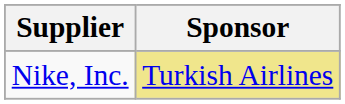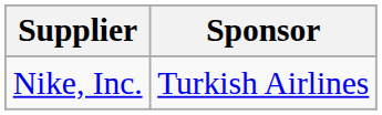 <table class="wikitable">
 <tr>
 <th>Supplier</th>
 <th>Sponsor</th>
 </tr>
 <tr>
 <td> <a href='#'>Nike, Inc.</a></td>
-<td style="background: khaki;"> <a href='#'>Turkish Airlines</a></td>
+<td> <a href='#'>Turkish Airlines</a></td>
 </tr>
 </table>
